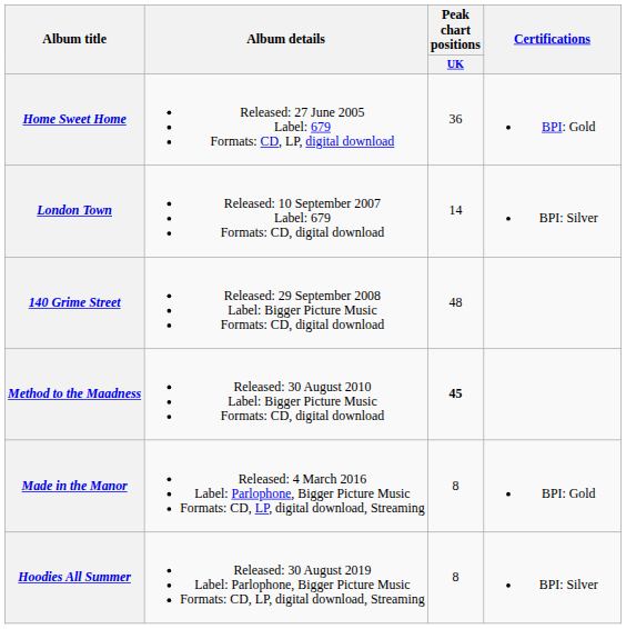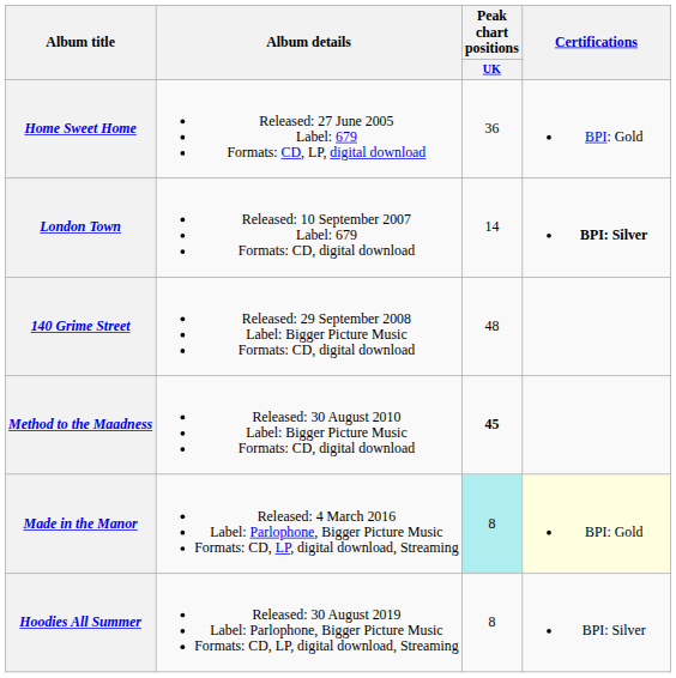 <table class="wikitable plainrowheaders" style="text-align:center;">
 <tr>
 <th scope="col" rowspan="2">Album title</th>
 <th scope="col" rowspan="2">Album details</th>
 <th scope="col">Peak chart positions</th>
 <th scope="col" rowspan="2" style="width:10em;"><a href='#'>Certifications</a></th>
 </tr>
 <tr>
 <th scope="col" style="width:3em;font-size:85%;"><a href='#'>UK</a><br></th>
 </tr>
 <tr>
 <th scope="row"><em><a href='#'>Home Sweet Home</a></em></th>
 <td><br><ul><li>Released: 27 June 2005</li><li>Label: <a href='#'>679</a></li><li>Formats: <a href='#'>CD</a>, LP, <a href='#'>digital download</a></li></ul></td>
 <td>36</td>
 <td><br><ul><li><a href='#'>BPI</a>: Gold</li></ul></td>
 </tr>
 <tr>
 <th scope="row"><em><a href='#'>London Town</a></em></th>
 <td><br><ul><li>Released: 10 September 2007</li><li>Label: 679</li><li>Formats: CD, digital download</li></ul></td>
 <td>14</td>
-<td><br><ul><li>BPI: Silver</li></ul></td>
+<td><strong><br><ul><li>BPI: Silver</li></ul></strong></td>
 </tr>
 <tr>
 <th scope="row"><em><a href='#'>140 Grime Street</a></em></th>
 <td><br><ul><li>Released: 29 September 2008</li><li>Label: Bigger Picture Music</li><li>Formats: CD, digital download</li></ul></td>
 <td>48</td>
 <td></td>
 </tr>
 <tr>
 <th scope="row"><em><a href='#'>Method to the Maadness</a></em></th>
 <td><br><ul><li>Released: 30 August 2010</li><li>Label: Bigger Picture Music</li><li>Formats: CD, digital download</li></ul></td>
 <td><strong>45</strong></td>
 <td></td>
 </tr>
 <tr>
 <th scope="row"><em><a href='#'>Made in the Manor</a></em></th>
 <td><br><ul><li>Released: 4 March 2016</li><li>Label: <a href='#'>Parlophone</a>, Bigger Picture Music</li><li>Formats: CD, <a href='#'>LP</a>, digital download, Streaming</li></ul></td>
-<td>8</td>
-<td><br><ul><li>BPI: Gold</li></ul></td>
+<td style="background: paleturquoise;">8</td>
+<td style="background: lightyellow;"><br><ul><li>BPI: Gold</li></ul></td>
 </tr>
 <tr>
 <th scope="row"><em><a href='#'>Hoodies All Summer</a></em></th>
 <td><br><ul><li>Released: 30 August 2019</li><li>Label: Parlophone, Bigger Picture Music</li><li>Formats: CD, LP, digital download, Streaming</li></ul></td>
 <td>8</td>
 <td><br><ul><li>BPI: Silver</li></ul></td>
 </tr>
 </table>
